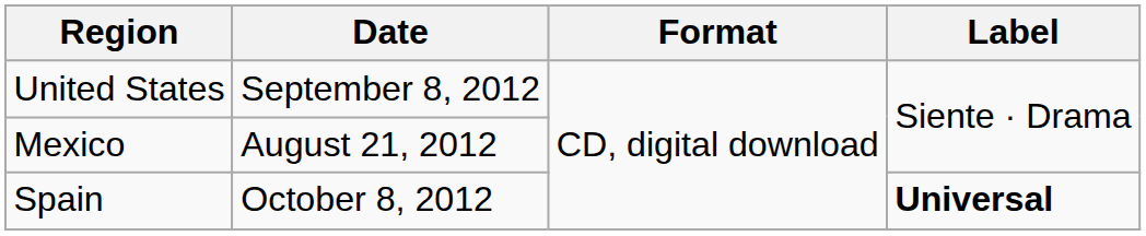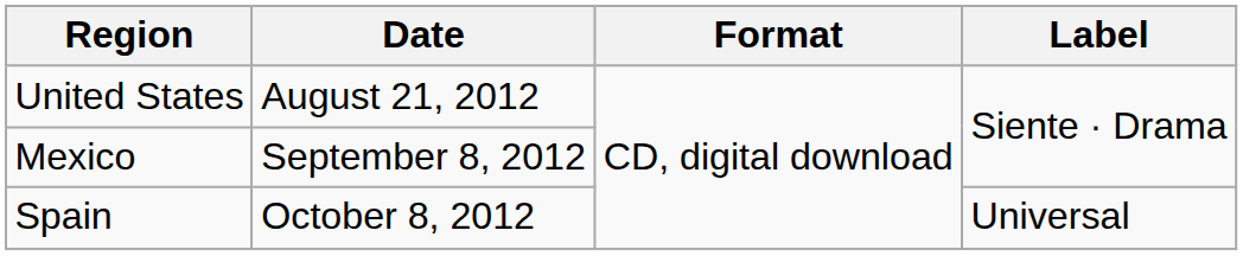 <table class="wikitable">
 <tr>
 <th>Region</th>
 <th>Date</th>
 <th>Format</th>
 <th>Label</th>
 </tr>
 <tr>
 <td>United States</td>
-<td rowspan="1">September 8, 2012</td>
+<td rowspan="1">August 21, 2012</td>
 <td rowspan="3">CD, digital download</td>
 <td rowspan="2">Siente · Drama</td>
 </tr>
 <tr>
 <td>Mexico</td>
-<td rowspan="1">August 21, 2012</td>
+<td rowspan="1">September 8, 2012</td>
 </tr>
 <tr>
 <td>Spain</td>
 <td rowspan="1">October 8, 2012</td>
-<td rowspan="1"><strong>Universal</strong></td>
+<td rowspan="1">Universal</td>
 </tr>
 </table>
